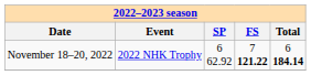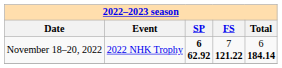 <table class="wikitable">
 <tr>
 <td style="background-color: #ffdead; " colspan=5 align=center><a href='#'><strong>2022–2023 season</strong></a></td>
 </tr>
 <tr>
 <th>Date</th>
 <th>Event</th>
 <th><a href='#'>SP</a></th>
 <th><a href='#'>FS</a></th>
 <th>Total</th>
 </tr>
 <tr>
 <td>November 18–20, 2022</td>
 <td><a href='#'>2022 NHK Trophy</a></td>
-<td align=center>6 <br> 62.92</td>
+<td align=center><strong>6 <br> 62.92</strong></td>
 <td align=center>7 <br> <strong>121.22</strong></td>
 <td align=center>6 <br> <strong>184.14</strong></td>
 </tr>
 <tr>
 </tr>
 </table>
